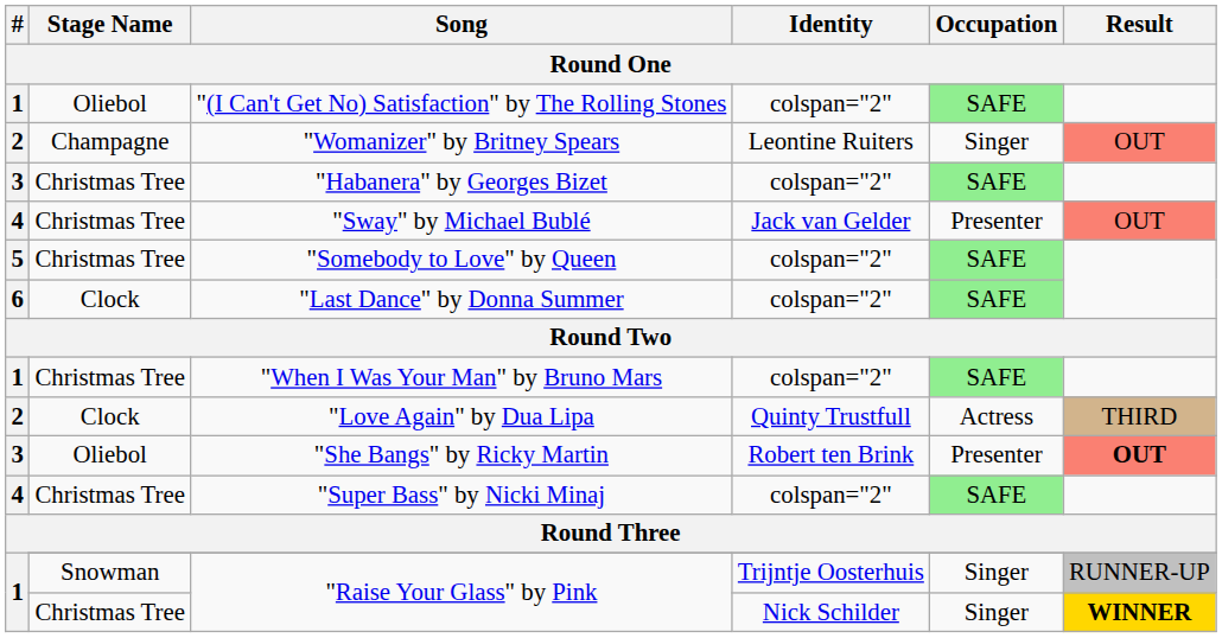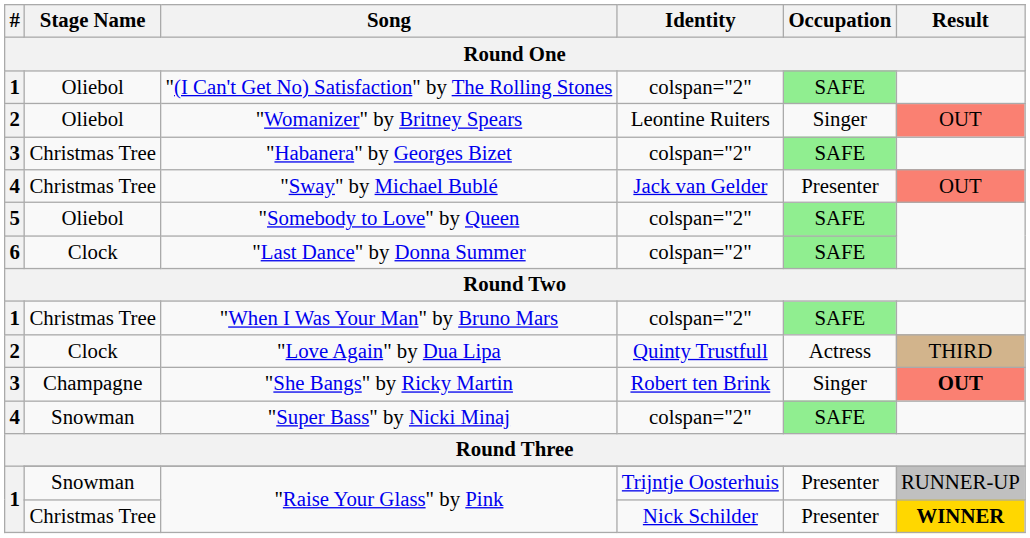 <table class="wikitable plainrowheaders" style="text-align: center;">
 <tr>
 <th><strong>#</strong></th>
 <th><strong>Stage Name</strong></th>
 <th><strong>Song</strong></th>
 <th>Identity</th>
 <th><strong>Occupation</strong></th>
 <th>Result</th>
 </tr>
 <tr>
 <th colspan="6">Round One</th>
 </tr>
 <tr>
 <th>1</th>
 <td>Oliebol</td>
 <td>"<a href='#'>(I Can't Get No) Satisfaction</a>" by <a href='#'>The Rolling Stones</a></td>
 <td>colspan="2" </td>
 <td bgcolor="lightgreen">SAFE</td>
 </tr>
 <tr>
 <th>2</th>
-<td>Champagne</td>
+<td>Oliebol</td>
 <td>"<a href='#'>Womanizer</a>" by <a href='#'>Britney Spears</a></td>
 <td>Leontine Ruiters</td>
 <td>Singer</td>
 <td bgcolor=salmon>OUT</td>
 </tr>
 <tr>
 <th>3</th>
 <td>Christmas Tree</td>
 <td>"<a href='#'>Habanera</a>" by <a href='#'>Georges Bizet</a></td>
 <td>colspan="2" </td>
 <td bgcolor="lightgreen">SAFE</td>
 </tr>
 <tr>
 <th>4</th>
 <td>Christmas Tree</td>
 <td>"<a href='#'>Sway</a>" by <a href='#'>Michael Bublé</a></td>
 <td><a href='#'>Jack van Gelder</a></td>
 <td>Presenter</td>
 <td bgcolor=salmon>OUT</td>
 </tr>
 <tr>
 <th>5</th>
-<td>Christmas Tree</td>
+<td>Oliebol</td>
 <td>"<a href='#'>Somebody to Love</a>" by <a href='#'>Queen</a></td>
 <td>colspan="2" </td>
 <td bgcolor="lightgreen">SAFE</td>
 </tr>
 <tr>
 <th>6</th>
 <td>Clock</td>
 <td>"<a href='#'>Last Dance</a>" by <a href='#'>Donna Summer</a></td>
 <td>colspan="2" </td>
 <td bgcolor="lightgreen">SAFE</td>
 </tr>
 <tr>
 <th colspan="6">Round Two</th>
 </tr>
 <tr>
 <th>1</th>
 <td>Christmas Tree</td>
 <td>"<a href='#'>When I Was Your Man</a>" by <a href='#'>Bruno Mars</a></td>
 <td>colspan="2" </td>
 <td bgcolor="lightgreen">SAFE</td>
 </tr>
 <tr>
 <th>2</th>
 <td>Clock</td>
 <td>"<a href='#'>Love Again</a>" by <a href='#'>Dua Lipa</a></td>
 <td><a href='#'>Quinty Trustfull</a></td>
 <td>Actress</td>
 <td bgcolor="tan">THIRD</td>
 </tr>
 <tr>
 <th>3</th>
-<td>Oliebol</td>
+<td>Champagne</td>
 <td>"<a href='#'>She Bangs</a>" by <a href='#'>Ricky Martin</a></td>
 <td><a href='#'>Robert ten Brink</a></td>
-<td>Presenter</td>
+<td>Singer</td>
 <td bgcolor=salmon><strong>OUT</strong></td>
 </tr>
 <tr>
 <th>4</th>
-<td>Christmas Tree</td>
+<td>Snowman</td>
 <td>"<a href='#'>Super Bass</a>" by <a href='#'>Nicki Minaj</a></td>
 <td>colspan="2" </td>
 <td bgcolor="lightgreen">SAFE</td>
 </tr>
 <tr>
 <th colspan="6">Round Three</th>
 </tr>
 <tr>
 <th rowspan="3">1</th>
 </tr>
 <tr>
 <td>Snowman</td>
 <td rowspan="2">"<a href='#'>Raise Your Glass</a>" by <a href='#'>Pink</a></td>
 <td><a href='#'>Trijntje Oosterhuis</a></td>
-<td>Singer</td>
+<td>Presenter</td>
 <td bgcolor="silver">RUNNER-UP</td>
 </tr>
 <tr>
 <td>Christmas Tree</td>
 <td><a href='#'>Nick Schilder</a></td>
-<td>Singer</td>
+<td>Presenter</td>
 <td bgcolor="gold"><strong>WINNER</strong></td>
 </tr>
 </table>
